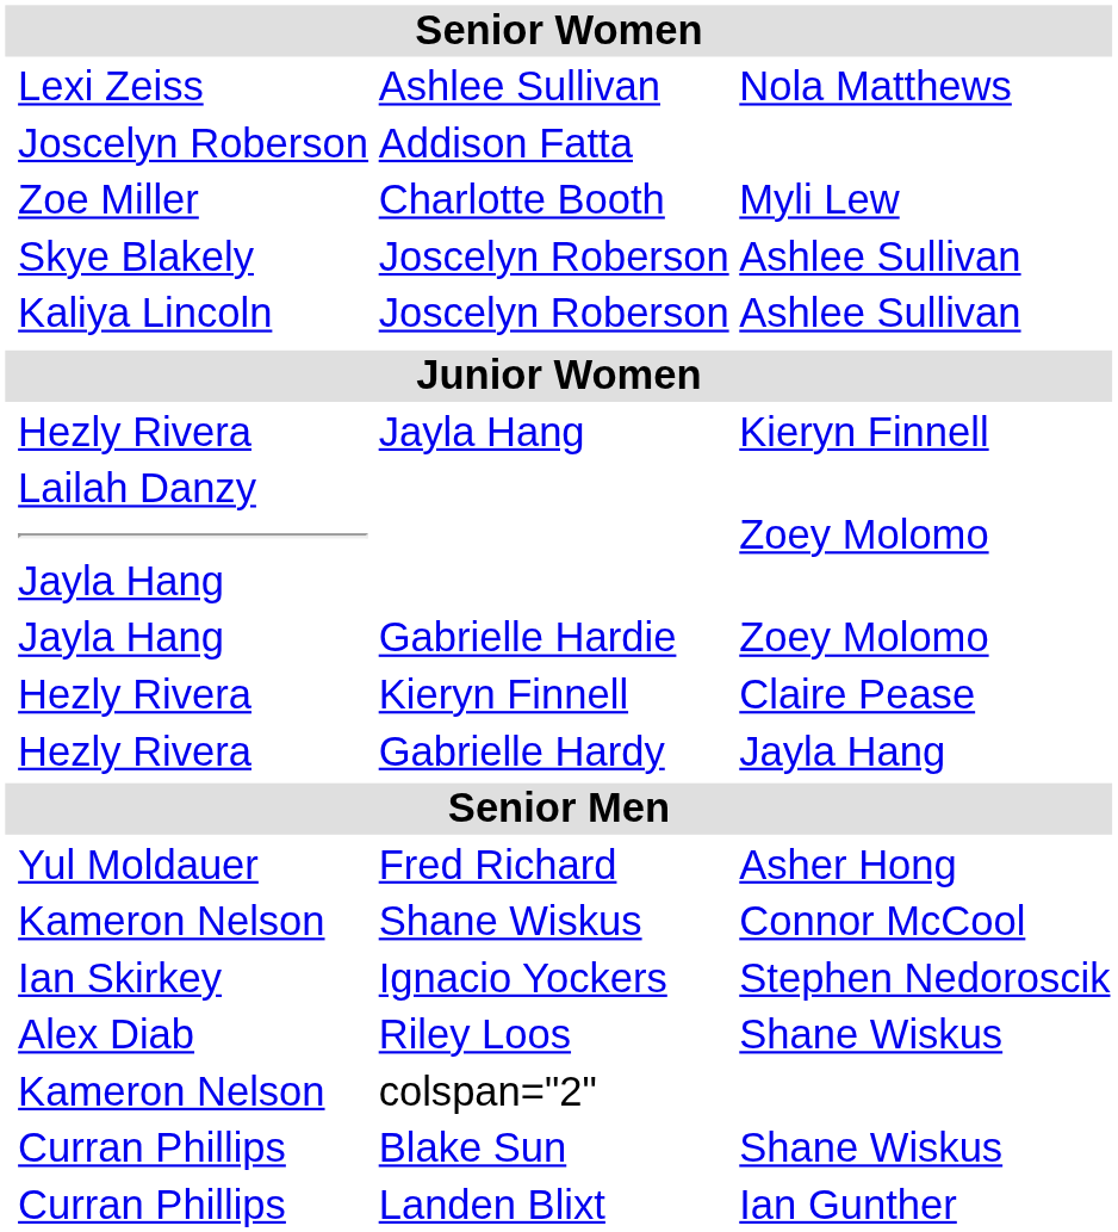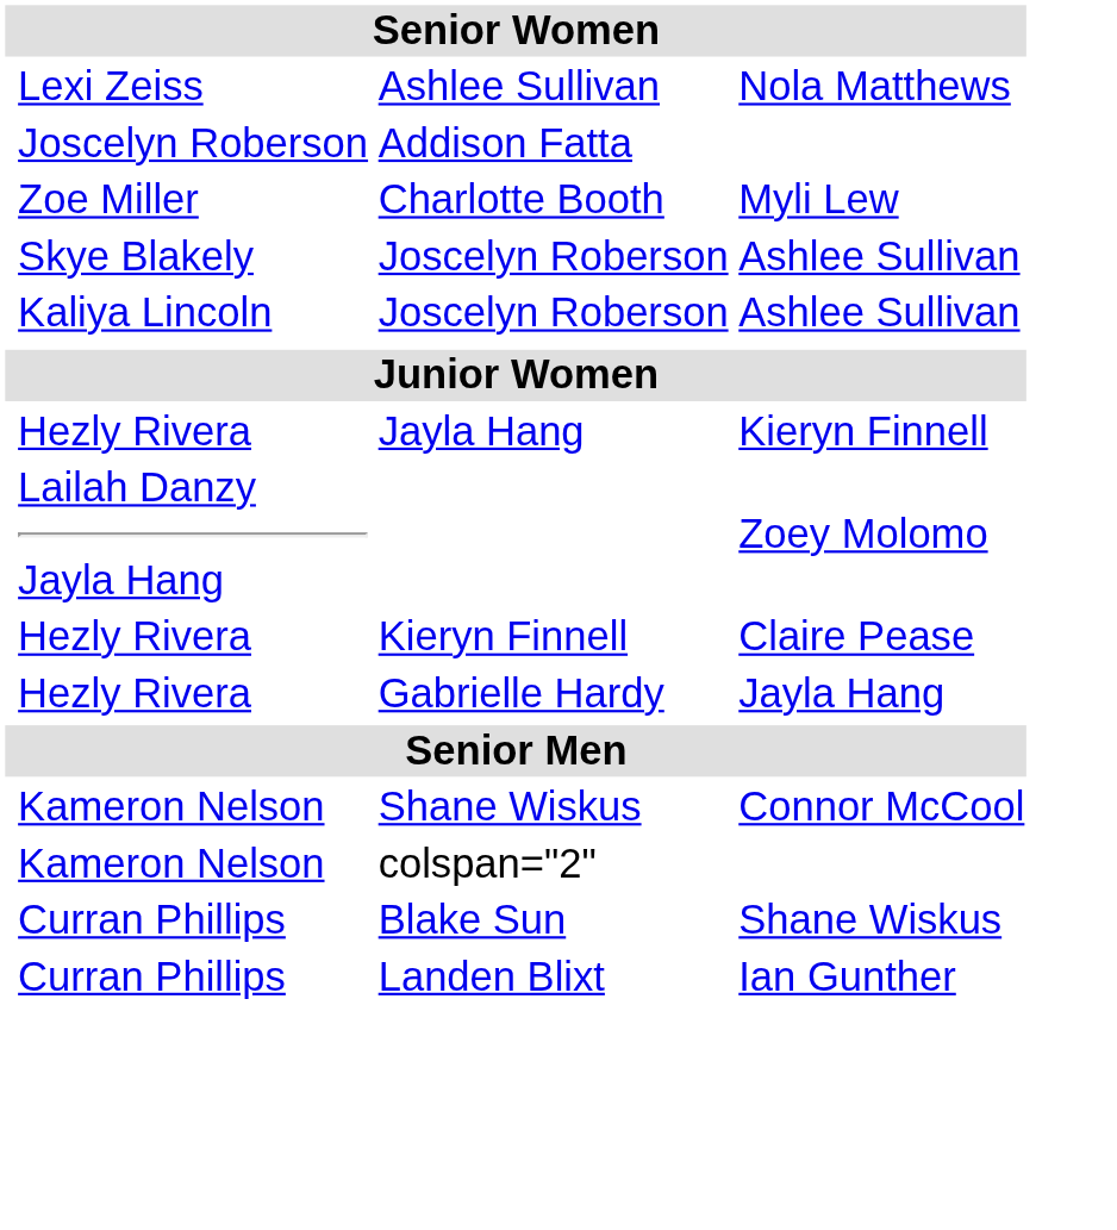 <table>
 <tr style="background:#dfdfdf;">
 <td colspan="4" style="text-align:center;"><strong>Senior Women</strong></td>
 </tr>
 <tr>
 <th scope=row style="text-align:left"></th>
 <td><a href='#'>Lexi Zeiss</a></td>
 <td><a href='#'>Ashlee Sullivan</a></td>
 <td><a href='#'>Nola Matthews</a></td>
 </tr>
 <tr>
 <th scope=row style="text-align:left"></th>
 <td><a href='#'>Joscelyn Roberson</a></td>
 <td><a href='#'>Addison Fatta</a></td>
 <td></td>
 </tr>
 <tr>
 <th scope=row style="text-align:left"></th>
 <td><a href='#'>Zoe Miller</a></td>
 <td><a href='#'>Charlotte Booth</a></td>
 <td><a href='#'>Myli Lew</a></td>
 </tr>
 <tr>
 <th scope=row style="text-align:left"></th>
 <td><a href='#'>Skye Blakely</a></td>
 <td><a href='#'>Joscelyn Roberson</a></td>
 <td><a href='#'>Ashlee Sullivan</a></td>
 </tr>
 <tr>
 <th scope=row style="text-align:left"></th>
 <td><a href='#'>Kaliya Lincoln</a></td>
 <td><a href='#'>Joscelyn Roberson</a></td>
 <td><a href='#'>Ashlee Sullivan</a></td>
 </tr>
 <tr>
 </tr>
 <tr style="background:#dfdfdf;">
 <td colspan="4" style="text-align:center;"><strong>Junior Women</strong></td>
 </tr>
 <tr>
 <th scope=row style="text-align:left"></th>
 <td><a href='#'>Hezly Rivera</a></td>
 <td><a href='#'>Jayla Hang</a></td>
 <td><a href='#'>Kieryn Finnell</a></td>
 </tr>
 <tr>
 <th scope=row style="text-align:left"></th>
 <td><a href='#'>Lailah Danzy</a><hr><a href='#'>Jayla Hang</a></td>
 <td></td>
 <td><a href='#'>Zoey Molomo</a></td>
 </tr>
 <tr>
 <th scope=row style="text-align:left"></th>
-<td><a href='#'>Jayla Hang</a></td>
-<td><a href='#'>Gabrielle Hardie</a></td>
-<td><a href='#'>Zoey Molomo</a></td>
-</tr>
-<tr>
-<th scope=row style="text-align:left"></th>
 <td><a href='#'>Hezly Rivera</a></td>
 <td><a href='#'>Kieryn Finnell</a></td>
 <td><a href='#'>Claire Pease</a></td>
 </tr>
 <tr>
 <th scope=row style="text-align:left"></th>
 <td><a href='#'>Hezly Rivera</a></td>
 <td><a href='#'>Gabrielle Hardy</a></td>
 <td><a href='#'>Jayla Hang</a></td>
 </tr>
 <tr style="background:#dfdfdf;">
 <td colspan="4" style="text-align:center;"><strong>Senior Men</strong></td>
 </tr>
 <tr>
 <th scope=row style="text-align:left"></th>
-<td><a href='#'>Yul Moldauer</a></td>
-<td><a href='#'>Fred Richard</a></td>
-<td><a href='#'>Asher Hong</a></td>
-</tr>
-<tr>
-<th scope=row style="text-align:left"></th>
 <td><a href='#'>Kameron Nelson</a></td>
 <td><a href='#'>Shane Wiskus</a></td>
 <td><a href='#'>Connor McCool</a></td>
-</tr>
-<tr>
-<th scope=row style="text-align:left"></th>
-<td><a href='#'>Ian Skirkey</a></td>
-<td><a href='#'>Ignacio Yockers</a></td>
-<td><a href='#'>Stephen Nedoroscik</a></td>
-</tr>
-<tr>
-<th scope=row style="text-align:left"></th>
-<td><a href='#'>Alex Diab</a></td>
-<td><a href='#'>Riley Loos</a></td>
-<td><a href='#'>Shane Wiskus</a></td>
 </tr>
 <tr>
 <th scope=row style="text-align:left"></th>
 <td><a href='#'>Kameron Nelson</a></td>
 <td>colspan="2" </td>
 </tr>
 <tr>
 <th scope=row style="text-align:left"></th>
 <td><a href='#'>Curran Phillips</a></td>
 <td><a href='#'>Blake Sun</a></td>
 <td><a href='#'>Shane Wiskus</a></td>
 </tr>
 <tr>
 <th scope=row style="text-align:left"></th>
 <td><a href='#'>Curran Phillips</a></td>
 <td><a href='#'>Landen Blixt</a></td>
 <td><a href='#'>Ian Gunther</a></td>
 </tr>
 </table>
